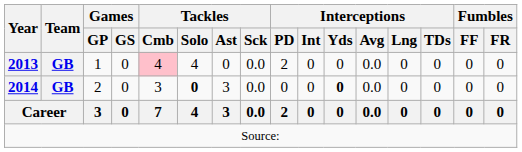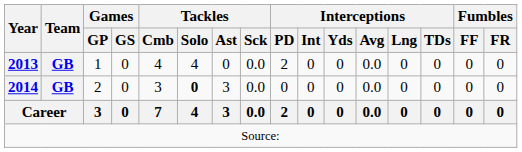 <table class="wikitable" style="text-align: center;">
 <tr>
 <th rowspan="2">Year</th>
 <th rowspan="2">Team</th>
 <th colspan="2">Games</th>
 <th colspan="4">Tackles</th>
 <th colspan="6">Interceptions</th>
 <th colspan="2">Fumbles</th>
 </tr>
 <tr>
 <th>GP</th>
 <th>GS</th>
 <th>Cmb</th>
 <th>Solo</th>
 <th>Ast</th>
 <th>Sck</th>
 <th>PD</th>
 <th>Int</th>
 <th>Yds</th>
 <th>Avg</th>
 <th>Lng</th>
 <th>TDs</th>
 <th>FF</th>
 <th>FR</th>
 </tr>
 <tr>
 <th><a href='#'>2013</a></th>
 <th><a href='#'>GB</a></th>
 <td>1</td>
 <td>0</td>
-<td style="background: pink;">4</td>
+<td>4</td>
 <td>4</td>
 <td>0</td>
 <td>0.0</td>
 <td>2</td>
 <td>0</td>
 <td>0</td>
 <td>0.0</td>
 <td>0</td>
 <td>0</td>
 <td>0</td>
 <td>0</td>
 </tr>
 <tr>
 <th><a href='#'>2014</a></th>
 <th><a href='#'>GB</a></th>
 <td>2</td>
 <td>0</td>
 <td>3</td>
 <td><strong>0</strong></td>
 <td>3</td>
 <td>0.0</td>
 <td>0</td>
 <td>0</td>
-<td><strong>0</strong></td>
+<td>0</td>
 <td>0.0</td>
 <td>0</td>
 <td>0</td>
 <td>0</td>
 <td>0</td>
 </tr>
 <tr>
 <th colspan="2">Career</th>
 <th>3</th>
 <th>0</th>
 <th>7</th>
 <th>4</th>
 <th>3</th>
 <th>0.0</th>
 <th>2</th>
 <th>0</th>
 <th>0</th>
 <th>0.0</th>
 <th>0</th>
 <th>0</th>
 <th>0</th>
 <th>0</th>
 </tr>
 <tr>
 <td colspan="17"><small>Source: </small></td>
 </tr>
 </table>
